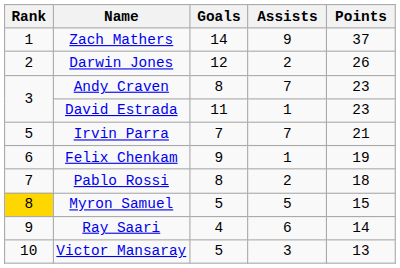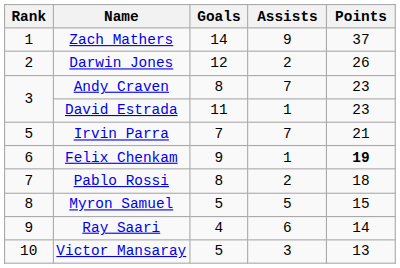 <table class="wikitable sortable" style="text-align:center;">
 <tr>
 <th data-sort-type="number">Rank</th>
 <th width=35%>Name</th>
 <th>Goals</th>
 <th>Assists</th>
 <th>Points</th>
 </tr>
 <tr>
 <td>1</td>
 <td> <a href='#'>Zach Mathers</a></td>
 <td>14</td>
 <td>9</td>
 <td>37</td>
 </tr>
 <tr>
 <td>2</td>
 <td> <a href='#'>Darwin Jones</a></td>
 <td>12</td>
 <td>2</td>
 <td>26</td>
 </tr>
 <tr>
 <td rowspan="2">3</td>
 <td> <a href='#'>Andy Craven</a></td>
 <td>8</td>
 <td>7</td>
 <td>23</td>
 </tr>
 <tr>
 <td> <a href='#'>David Estrada</a></td>
 <td>11</td>
 <td>1</td>
 <td>23</td>
 </tr>
 <tr>
 <td>5</td>
 <td> <a href='#'>Irvin Parra</a></td>
 <td>7</td>
 <td>7</td>
 <td>21</td>
 </tr>
 <tr>
 <td>6</td>
 <td> <a href='#'>Felix Chenkam</a></td>
 <td>9</td>
 <td>1</td>
-<td>19</td>
+<td><strong>19</strong></td>
 </tr>
 <tr>
 <td>7</td>
 <td> <a href='#'>Pablo Rossi</a></td>
 <td>8</td>
 <td>2</td>
 <td>18</td>
 </tr>
 <tr>
-<td style="background: gold;">8</td>
+<td>8</td>
 <td> <a href='#'>Myron Samuel</a></td>
 <td>5</td>
 <td>5</td>
 <td>15</td>
 </tr>
 <tr>
 <td>9</td>
 <td> <a href='#'>Ray Saari</a></td>
 <td>4</td>
 <td>6</td>
 <td>14</td>
 </tr>
 <tr>
 <td>10</td>
 <td> <a href='#'>Victor Mansaray</a></td>
 <td>5</td>
 <td>3</td>
 <td>13</td>
 </tr>
 </table>
